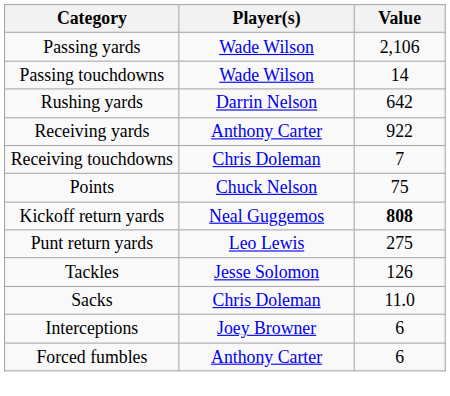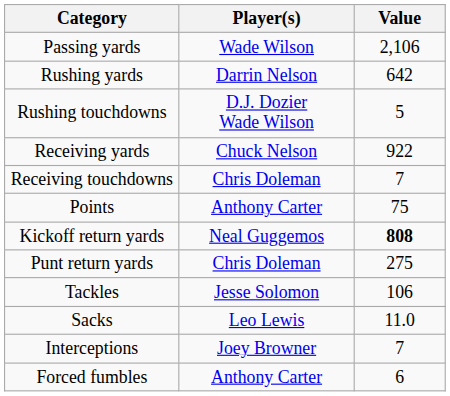 <table class="wikitable" style="text-align:center">
 <tr>
 <th width=150px>Category</th>
 <th width=150px>Player(s)</th>
 <th width=75px>Value</th>
 </tr>
 <tr>
 <td>Passing yards</td>
 <td><a href='#'>Wade Wilson</a></td>
 <td>2,106</td>
 </tr>
 <tr>
-<td>Passing touchdowns</td>
-<td><a href='#'>Wade Wilson</a></td>
-<td>14</td>
-</tr>
-<tr>
 <td>Rushing yards</td>
 <td><a href='#'>Darrin Nelson</a></td>
 <td>642</td>
 </tr>
 <tr>
+<td>Rushing touchdowns</td>
+<td><a href='#'>D.J. Dozier</a> <br> <a href='#'>Wade Wilson</a></td>
+<td>5</td>
+</tr>
+<tr>
 <td>Receiving yards</td>
-<td><a href='#'>Anthony Carter</a></td>
+<td><a href='#'>Chuck Nelson</a></td>
 <td>922</td>
 </tr>
 <tr>
 <td>Receiving touchdowns</td>
 <td><a href='#'>Chris Doleman</a></td>
 <td>7</td>
 </tr>
 <tr>
 <td>Points</td>
-<td><a href='#'>Chuck Nelson</a></td>
+<td><a href='#'>Anthony Carter</a></td>
 <td>75</td>
 </tr>
 <tr>
 <td>Kickoff return yards</td>
 <td><a href='#'>Neal Guggemos</a></td>
 <td><strong>808</strong></td>
 </tr>
 <tr>
 <td>Punt return yards</td>
-<td><a href='#'>Leo Lewis</a></td>
+<td><a href='#'>Chris Doleman</a></td>
 <td>275</td>
 </tr>
 <tr>
 <td>Tackles</td>
 <td><a href='#'>Jesse Solomon</a></td>
-<td>126</td>
+<td>106</td>
 </tr>
 <tr>
 <td>Sacks</td>
-<td><a href='#'>Chris Doleman</a></td>
+<td><a href='#'>Leo Lewis</a></td>
 <td>11.0</td>
 </tr>
 <tr>
 <td>Interceptions</td>
 <td><a href='#'>Joey Browner</a></td>
-<td>6</td>
+<td>7</td>
 </tr>
 <tr>
 <td>Forced fumbles</td>
 <td><a href='#'>Anthony Carter</a></td>
 <td>6</td>
 </tr>
 </table>
